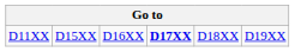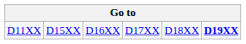 <table class=wikitable style="margin:1em auto;">
 <tr>
 <th colspan="6">Go to</th>
 </tr>
 <tr>
 <td><a href='#'>D11XX</a></td>
 <td><a href='#'>D15XX</a></td>
 <td><a href='#'>D16XX</a></td>
-<td><strong><a href='#'>D17XX</a></strong></td>
+<td><a href='#'>D17XX</a></td>
 <td><a href='#'>D18XX</a></td>
-<td><a href='#'>D19XX</a></td>
+<td><strong><a href='#'>D19XX</a></strong></td>
 </tr>
 </table>
